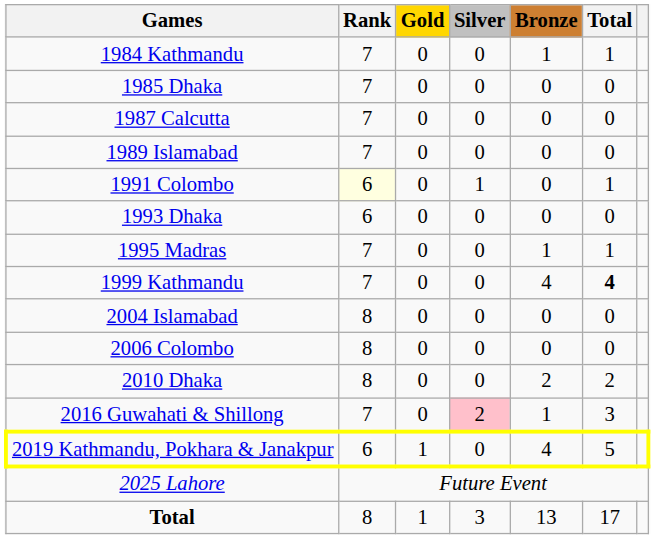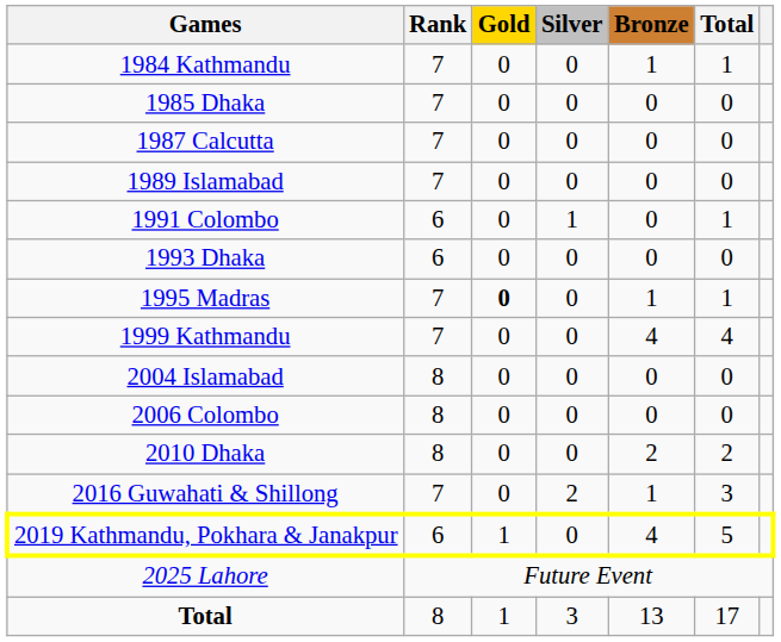 <table class="wikitable">
 <tr>
 <th style="text-align:center">Games</th>
 <th style="text-align:center">Rank</th>
 <th style="text-align:center; background:gold;">Gold</th>
 <th style="text-align:center; background:silver;">Silver</th>
 <th style="text-align:center; background:#CD7F32;">Bronze</th>
 <th style="text-align:center">Total</th>
 <th style="text-align:center"></th>
 </tr>
 <tr>
 <td style="text-align:center"><a href='#'>1984 Kathmandu</a></td>
 <td style="text-align:center">7</td>
 <td style="text-align:center">0</td>
 <td style="text-align:center">0</td>
 <td style="text-align:center">1</td>
 <td style="text-align:center">1</td>
 <td style="text-align:center"></td>
 </tr>
 <tr>
 <td style="text-align:center"><a href='#'>1985 Dhaka</a></td>
 <td style="text-align:center">7</td>
 <td style="text-align:center">0</td>
 <td style="text-align:center">0</td>
 <td style="text-align:center">0</td>
 <td style="text-align:center">0</td>
 <td style="text-align:center"></td>
 </tr>
 <tr>
 <td style="text-align:center"><a href='#'>1987 Calcutta</a></td>
 <td style="text-align:center">7</td>
 <td style="text-align:center">0</td>
 <td style="text-align:center">0</td>
 <td style="text-align:center">0</td>
 <td style="text-align:center">0</td>
 <td style="text-align:center"></td>
 </tr>
 <tr>
 <td style="text-align:center"><a href='#'>1989 Islamabad</a></td>
 <td style="text-align:center">7</td>
 <td style="text-align:center">0</td>
 <td style="text-align:center">0</td>
 <td style="text-align:center">0</td>
 <td style="text-align:center">0</td>
 <td style="text-align:center"></td>
 </tr>
 <tr>
 <td style="text-align:center"><a href='#'>1991 Colombo</a></td>
-<td style="background: lightyellow; text-align:center">6</td>
+<td style="text-align:center">6</td>
 <td style="text-align:center">0</td>
 <td style="text-align:center">1</td>
 <td style="text-align:center">0</td>
 <td style="text-align:center">1</td>
 <td style="text-align:center"></td>
 </tr>
 <tr>
 <td style="text-align:center"><a href='#'>1993 Dhaka</a></td>
 <td style="text-align:center">6</td>
 <td style="text-align:center">0</td>
 <td style="text-align:center">0</td>
 <td style="text-align:center">0</td>
 <td style="text-align:center">0</td>
 <td style="text-align:center"></td>
 </tr>
 <tr>
 <td style="text-align:center"><a href='#'>1995 Madras</a></td>
 <td style="text-align:center">7</td>
-<td style="text-align:center">0</td>
+<td style="text-align:center"><strong>0</strong></td>
 <td style="text-align:center">0</td>
 <td style="text-align:center">1</td>
 <td style="text-align:center">1</td>
 <td style="text-align:center"></td>
 </tr>
 <tr>
 <td style="text-align:center"><a href='#'>1999 Kathmandu</a></td>
 <td style="text-align:center">7</td>
 <td style="text-align:center">0</td>
 <td style="text-align:center">0</td>
 <td style="text-align:center">4</td>
-<td style="text-align:center"><strong>4</strong></td>
+<td style="text-align:center">4</td>
 <td style="text-align:center"></td>
 </tr>
 <tr>
 <td style="text-align:center"><a href='#'>2004 Islamabad</a></td>
 <td style="text-align:center">8</td>
 <td style="text-align:center">0</td>
 <td style="text-align:center">0</td>
 <td style="text-align:center">0</td>
 <td style="text-align:center">0</td>
 <td style="text-align:center"></td>
 </tr>
 <tr>
 <td style="text-align:center"><a href='#'>2006 Colombo</a></td>
 <td style="text-align:center">8</td>
 <td style="text-align:center">0</td>
 <td style="text-align:center">0</td>
 <td style="text-align:center">0</td>
 <td style="text-align:center">0</td>
 <td style="text-align:center"></td>
 </tr>
 <tr>
 <td style="text-align:center"><a href='#'>2010 Dhaka</a></td>
 <td style="text-align:center">8</td>
 <td style="text-align:center">0</td>
 <td style="text-align:center">0</td>
 <td style="text-align:center">2</td>
 <td style="text-align:center">2</td>
 <td style="text-align:center"></td>
 </tr>
 <tr>
 <td style="text-align:center"><a href='#'>2016 Guwahati & Shillong</a></td>
 <td style="text-align:center">7</td>
 <td style="text-align:center">0</td>
-<td style="background: pink; text-align:center">2</td>
+<td style="text-align:center">2</td>
 <td style="text-align:center">1</td>
 <td style="text-align:center">3</td>
 <td style="text-align:center"></td>
 </tr>
 <tr style="border: 3px solid yellow">
 <td style="text-align:center"><a href='#'>2019 Kathmandu, Pokhara & Janakpur</a></td>
 <td style="text-align:center">6</td>
 <td style="text-align:center">1</td>
 <td style="text-align:center">0</td>
 <td style="text-align:center">4</td>
 <td style="text-align:center">5</td>
 <td></td>
 </tr>
 <tr>
 <td style="text-align:center"><em><a href='#'>2025 Lahore</a></em></td>
 <td colspan="6" style="text-align:center;"><em>Future Event</em></td>
 </tr>
 <tr>
 <td style="text-align:center"><strong>Total</strong></td>
 <td style="text-align:center">8</td>
 <td style="text-align:center">1</td>
 <td style="text-align:center">3</td>
 <td style="text-align:center">13</td>
 <td style="text-align:center">17</td>
 <td></td>
 </tr>
 </table>
